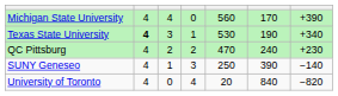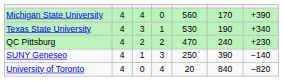 <table class="wikitable" style="text-align: center; font-size: 85%;">
 <tr>
 <th width=165></th>
 <th width=25></th>
 <th width=25></th>
 <th width=25></th>
 <th width=50></th>
 <th width=50></th>
 <th width=50></th>
 </tr>
 <tr style="background:#BBF3BB;">
 <td style="text-align:left;"><a href='#'>Michigan State University</a></td>
 <td>4</td>
 <td>4</td>
 <td>0</td>
 <td>560</td>
 <td>170</td>
 <td>+390</td>
 </tr>
 <tr style="background:#BBF3BB;">
 <td style="text-align:left;"><a href='#'>Texas State University</a></td>
-<td><strong>4</strong></td>
+<td>4</td>
 <td>3</td>
 <td>1</td>
 <td>530</td>
 <td>190</td>
 <td>+340</td>
 </tr>
 <tr style="background:#BBF3BB;">
 <td style="text-align:left;">QC Pittsburg</td>
 <td>4</td>
 <td>2</td>
 <td>2</td>
 <td>470</td>
 <td>240</td>
 <td>+230</td>
 </tr>
 <tr>
 <td style="text-align:left;"><a href='#'>SUNY Geneseo</a></td>
 <td>4</td>
 <td>1</td>
 <td>3</td>
 <td>250</td>
 <td>390</td>
 <td>−140</td>
 </tr>
 <tr>
 <td style="text-align:left;"><a href='#'>University of Toronto</a></td>
 <td>4</td>
 <td>0</td>
 <td>4</td>
 <td>20</td>
 <td>840</td>
 <td>−820</td>
 </tr>
 </table>
